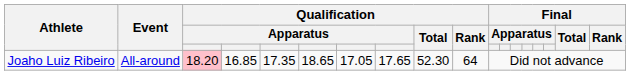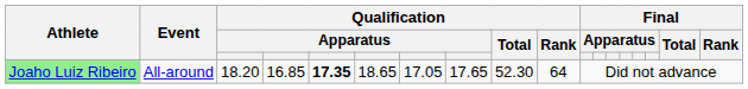 <table class="wikitable" style="font-size:90%">
 <tr>
 <th rowspan=3>Athlete</th>
 <th rowspan=3>Event</th>
 <th colspan =8>Qualification</th>
 <th colspan =8>Final</th>
 </tr>
 <tr style="font-size:95%">
 <th colspan=6>Apparatus</th>
 <th rowspan=2>Total</th>
 <th rowspan=2>Rank</th>
 <th colspan=6>Apparatus</th>
 <th rowspan=2>Total</th>
 <th rowspan=2>Rank</th>
 </tr>
 <tr style="font-size:95%">
 <th></th>
 <th></th>
 <th></th>
 <th></th>
 <th></th>
 <th></th>
 <th></th>
 <th></th>
 <th></th>
 <th></th>
 <th></th>
 <th></th>
 </tr>
 <tr align=center>
-<td align=left><a href='#'>Joaho Luiz Ribeiro</a></td>
+<td align=left style="background: lightgreen;"><a href='#'>Joaho Luiz Ribeiro</a></td>
 <td align=left><a href='#'>All-around</a></td>
-<td style="background: pink;">18.20</td>
+<td>18.20</td>
 <td>16.85</td>
-<td>17.35</td>
+<td><strong>17.35</strong></td>
 <td>18.65</td>
 <td>17.05</td>
 <td>17.65</td>
 <td>52.30</td>
 <td>64</td>
 <td colspan=8>Did not advance</td>
 </tr>
 </table>
